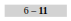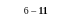 <table style="text-align:center">
 <tr>
 <th width=200></th>
 <th width=100></th>
 <th width=200></th>
 </tr>
 <tr>
 <td align=right></td>
-<td style="background: lightgrey;">6 – <strong>11</strong></td>
+<td>6 – <strong>11</strong></td>
 <td align=left><strong></strong></td>
 </tr>
 </table>
